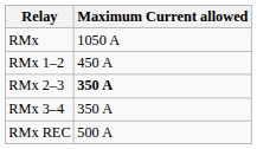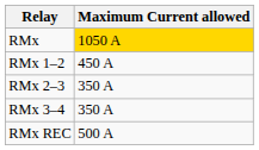 <table class="wikitable">
 <tr>
 <th>Relay</th>
 <th>Maximum Current allowed</th>
 </tr>
 <tr>
 <td>RMx</td>
-<td>1050 A</td>
+<td style="background: gold;">1050 A</td>
 </tr>
 <tr>
 <td>RMx 1–2</td>
 <td>450 A</td>
 </tr>
 <tr>
 <td>RMx 2–3</td>
-<td><strong>350 A</strong></td>
+<td>350 A</td>
 </tr>
 <tr>
 <td>RMx 3–4</td>
 <td>350 A</td>
 </tr>
 <tr>
 <td>RMx REC</td>
 <td>500 A</td>
 </tr>
 </table>
